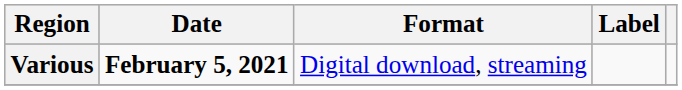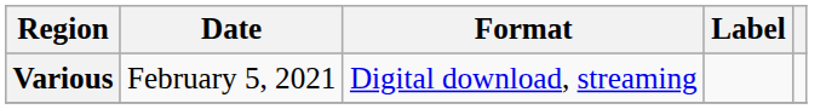 <table class="wikitable plainrowheaders">
 <tr>
 <th>Region</th>
 <th>Date</th>
 <th>Format</th>
 <th>Label</th>
 <th></th>
 </tr>
 <tr>
 <th scope="row">Various</th>
-<td><strong>February 5, 2021</strong></td>
+<td>February 5, 2021</td>
 <td><a href='#'>Digital download</a>, <a href='#'>streaming</a></td>
 <td></td>
 <td></td>
 </tr>
 <tr>
 </tr>
 </table>
